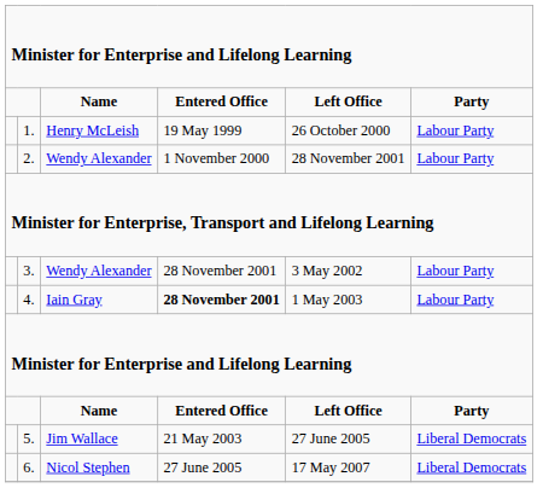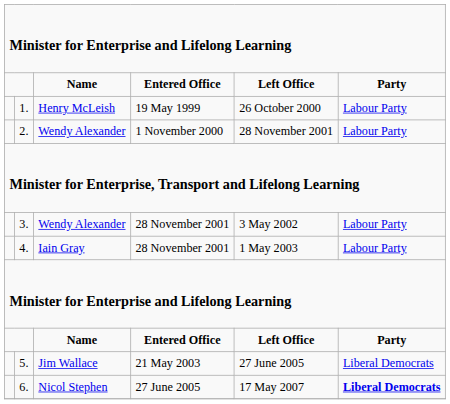 <table border="1" cellpadding="6" cellspacing="0" style="margin: 0 0 0 1em; background: #f9f9f9; border: 1px #aaaaaa solid; border-collapse: collapse; ">
 <tr>
 <td colspan="6"><br><h3>Minister for Enterprise and Lifelong Learning</h3></td>
 </tr>
 <tr>
 <th colspan="2"></th>
 <th>Name</th>
 <th>Entered Office</th>
 <th>Left Office</th>
 <th>Party</th>
 </tr>
 <tr>
 <td></td>
 <td>1.</td>
 <td><a href='#'>Henry McLeish</a></td>
 <td>19 May 1999</td>
 <td>26 October 2000</td>
 <td><a href='#'>Labour Party</a></td>
 </tr>
 <tr>
 <td></td>
 <td>2.</td>
 <td><a href='#'>Wendy Alexander</a></td>
 <td>1 November 2000</td>
 <td>28 November 2001</td>
 <td><a href='#'>Labour Party</a></td>
 </tr>
 <tr>
 <td colspan="6"><br><h3>Minister for Enterprise, Transport and Lifelong Learning</h3></td>
 </tr>
 <tr>
 <td></td>
 <td>3.</td>
 <td><a href='#'>Wendy Alexander</a></td>
 <td>28 November 2001</td>
 <td>3 May 2002</td>
 <td><a href='#'>Labour Party</a></td>
 </tr>
 <tr>
 <td></td>
 <td>4.</td>
 <td><a href='#'>Iain Gray</a></td>
-<td><strong>28 November 2001</strong></td>
+<td>28 November 2001</td>
 <td>1 May 2003</td>
 <td><a href='#'>Labour Party</a></td>
 </tr>
 <tr>
 <td colspan="6"><br><h3>Minister for Enterprise and Lifelong Learning</h3></td>
 </tr>
 <tr>
 <th colspan="2"></th>
 <th>Name</th>
 <th>Entered Office</th>
 <th>Left Office</th>
 <th>Party</th>
 </tr>
 <tr>
 <td></td>
 <td>5.</td>
 <td><a href='#'>Jim Wallace</a></td>
 <td>21 May 2003</td>
 <td>27 June 2005</td>
 <td><a href='#'>Liberal Democrats</a></td>
 </tr>
 <tr>
 <td></td>
 <td>6.</td>
 <td><a href='#'>Nicol Stephen</a></td>
 <td>27 June 2005</td>
 <td>17 May 2007</td>
-<td><a href='#'>Liberal Democrats</a></td>
+<td><strong><a href='#'>Liberal Democrats</a></strong></td>
 </tr>
 <tr>
 </tr>
 </table>
